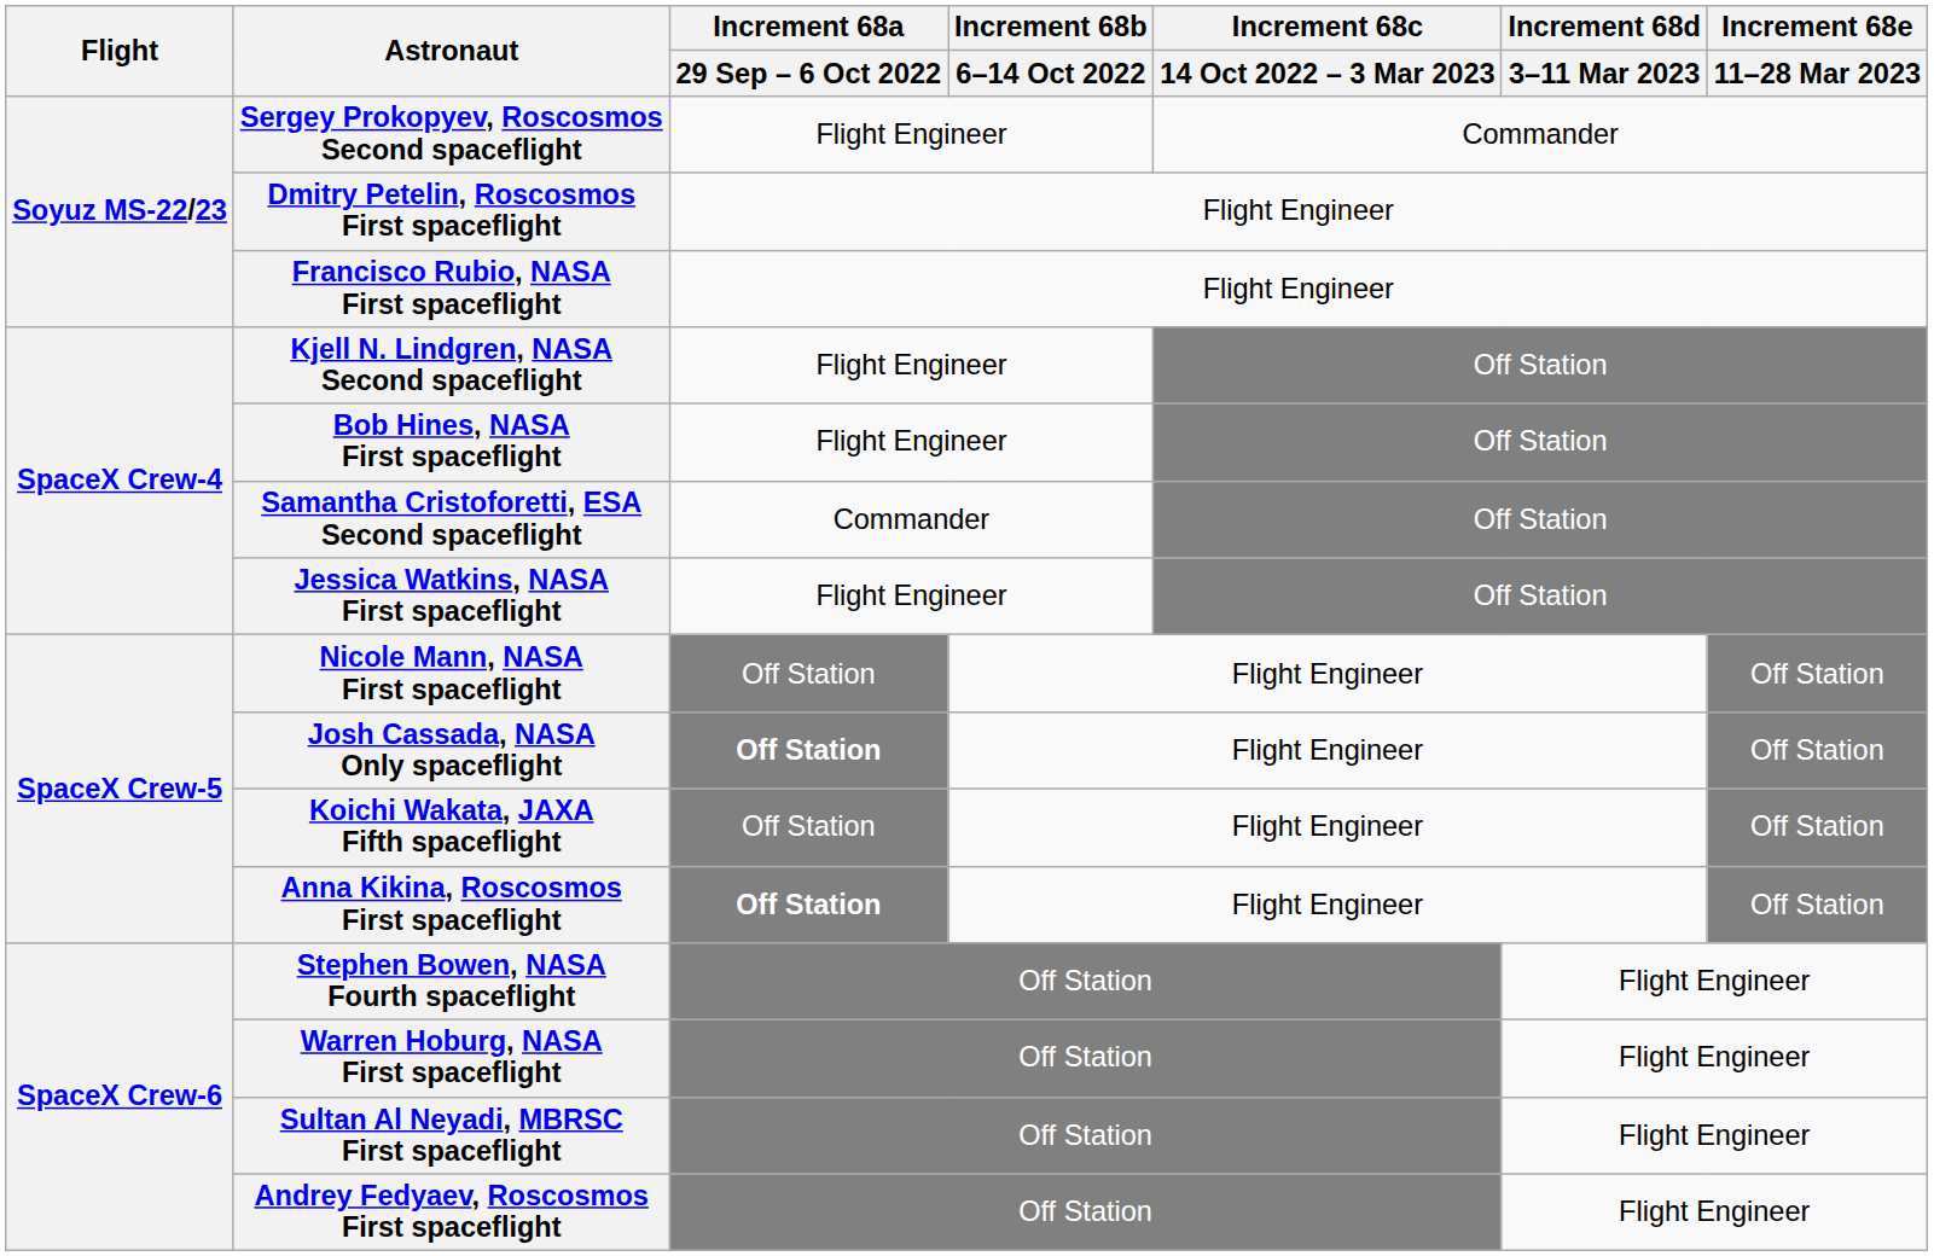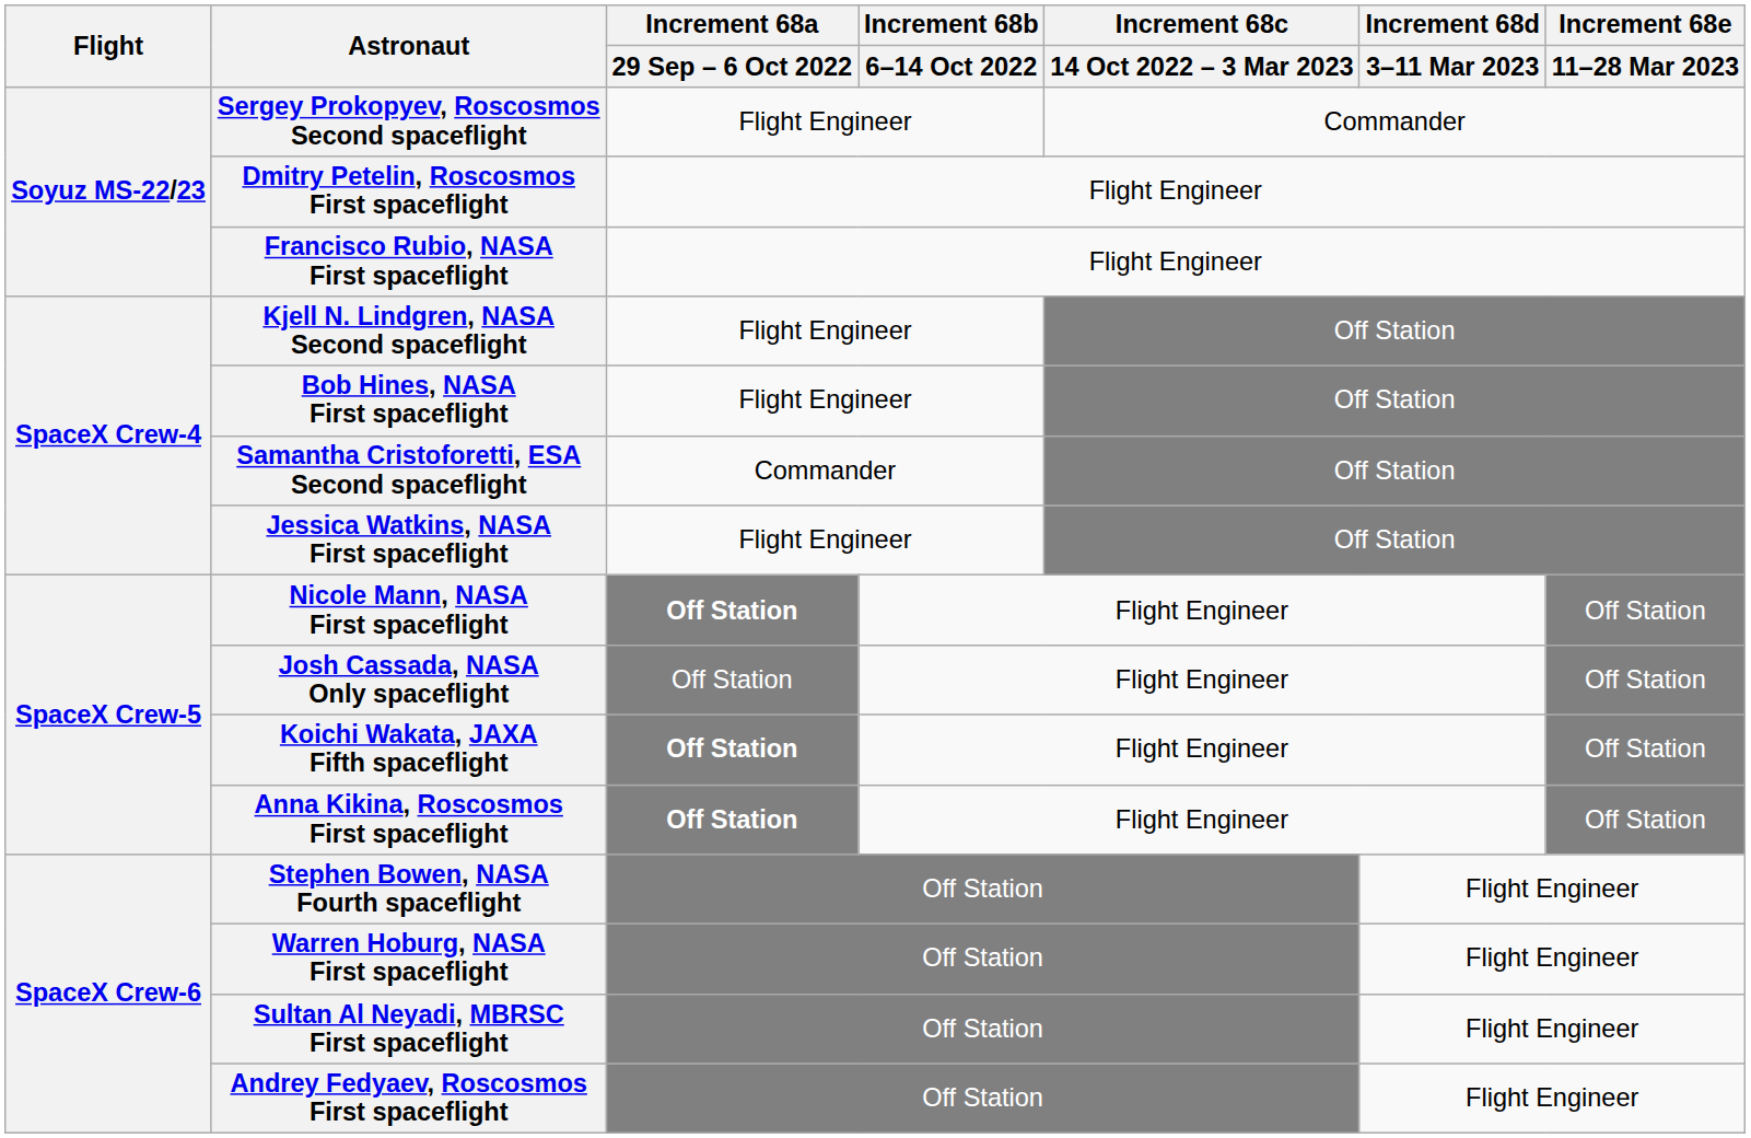 <table class="wikitable" style="text-align:center">
 <tr>
 <th rowspan="2">Flight</th>
 <th rowspan="2">Astronaut</th>
 <th>Increment 68a</th>
 <th>Increment 68b</th>
 <th>Increment 68c</th>
 <th>Increment 68d</th>
 <th>Increment 68e</th>
 </tr>
 <tr>
 <th>29 Sep – 6 Oct 2022</th>
 <th>6–14 Oct 2022</th>
 <th>14 Oct 2022 – 3 Mar 2023</th>
 <th>3–11 Mar 2023</th>
 <th>11–28 Mar 2023</th>
 </tr>
 <tr>
 <th rowspan="3"><a href='#'>Soyuz MS-22</a>/<a href='#'>23</a></th>
 <th> <a href='#'>Sergey Prokopyev</a>, <a href='#'>Roscosmos</a> <br> Second spaceflight</th>
 <td colspan="2">Flight Engineer</td>
 <td colspan="4">Commander</td>
 </tr>
 <tr>
 <th>  <a href='#'>Dmitry Petelin</a>, <a href='#'>Roscosmos</a> <br> First spaceflight</th>
 <td colspan="6">Flight Engineer</td>
 </tr>
 <tr>
 <th> <a href='#'>Francisco Rubio</a>, <a href='#'>NASA</a> <br> First spaceflight</th>
 <td colspan="6">Flight Engineer</td>
 </tr>
 <tr>
 <th rowspan="4"><a href='#'>SpaceX Crew-4</a></th>
 <th> <a href='#'>Kjell N. Lindgren</a>, <a href='#'>NASA</a> <br> Second spaceflight</th>
 <td colspan="2">Flight Engineer</td>
 <td colspan="4" style="background:grey; color:white;">Off Station</td>
 </tr>
 <tr>
 <th> <a href='#'>Bob Hines</a>, <a href='#'>NASA</a> <br> First spaceflight</th>
 <td colspan="2">Flight Engineer</td>
 <td colspan="4" style="background:grey; color:white;">Off Station</td>
 </tr>
 <tr>
 <th> <a href='#'>Samantha Cristoforetti</a>, <a href='#'>ESA</a><br> Second spaceflight</th>
 <td colspan="2">Commander</td>
 <td colspan="4" style="background:grey; color:white;">Off Station</td>
 </tr>
 <tr>
 <th> <a href='#'>Jessica Watkins</a>, <a href='#'>NASA</a> <br> First spaceflight</th>
 <td colspan="2">Flight Engineer</td>
 <td colspan="4" style="background:grey; color:white;">Off Station</td>
 </tr>
 <tr>
 <th rowspan="4"><a href='#'>SpaceX Crew-5</a></th>
 <th> <a href='#'>Nicole Mann</a>, <a href='#'>NASA</a> <br> First spaceflight</th>
+<td colspan="1" style="background:grey; color:white;"><strong>Off Station</strong></td>
+<td colspan="3">Flight Engineer</td>
+<td colspan="2" style="background:grey; color:white;">Off Station</td>
+</tr>
+<tr>
+<th> <a href='#'>Josh Cassada</a>, <a href='#'>NASA</a> <br> Only spaceflight</th>
 <td colspan="1" style="background:grey; color:white;">Off Station</td>
 <td colspan="3">Flight Engineer</td>
 <td colspan="2" style="background:grey; color:white;">Off Station</td>
 </tr>
 <tr>
-<th> <a href='#'>Josh Cassada</a>, <a href='#'>NASA</a> <br> Only spaceflight</th>
+<th> <a href='#'>Koichi Wakata</a>, <a href='#'>JAXA</a> <br> Fifth spaceflight</th>
 <td colspan="1" style="background:grey; color:white;"><strong>Off Station</strong></td>
-<td colspan="3">Flight Engineer</td>
-<td colspan="2" style="background:grey; color:white;">Off Station</td>
-</tr>
-<tr>
-<th> <a href='#'>Koichi Wakata</a>, <a href='#'>JAXA</a> <br> Fifth spaceflight</th>
-<td colspan="1" style="background:grey; color:white;">Off Station</td>
 <td colspan="3">Flight Engineer</td>
 <td colspan="2" style="background:grey; color:white;">Off Station</td>
 </tr>
 <tr>
 <th> <a href='#'>Anna Kikina</a>, <a href='#'>Roscosmos</a> <br> First spaceflight</th>
 <td colspan="1" style="background:grey; color:white;"><strong>Off Station</strong></td>
 <td colspan="3">Flight Engineer</td>
 <td colspan="2" style="background:grey; color:white;">Off Station</td>
 </tr>
 <tr>
 <th rowspan="4"><a href='#'>SpaceX Crew-6</a></th>
 <th> <a href='#'>Stephen Bowen</a>, <a href='#'>NASA</a> <br> Fourth spaceflight</th>
 <td colspan="3" style="background:grey; color:white;">Off Station</td>
 <td colspan="3">Flight Engineer</td>
 </tr>
 <tr>
 <th> <a href='#'>Warren Hoburg</a>, <a href='#'>NASA</a> <br> First spaceflight</th>
 <td colspan="3" style="background:grey; color:white;">Off Station</td>
 <td colspan="3">Flight Engineer</td>
 </tr>
 <tr>
 <th> <a href='#'>Sultan Al Neyadi</a>, <a href='#'>MBRSC</a> <br> First spaceflight</th>
 <td colspan="3" style="background:grey; color:white;">Off Station</td>
 <td colspan="3">Flight Engineer</td>
 </tr>
 <tr>
 <th> <a href='#'>Andrey Fedyaev</a>, <a href='#'>Roscosmos</a> <br> First spaceflight</th>
 <td colspan="3" style="background:grey; color:white;">Off Station</td>
 <td colspan="3">Flight Engineer</td>
 </tr>
 </table>
